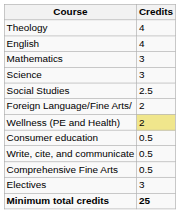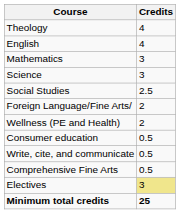 <table class="wikitable floatright">
 <tr>
 <th>Course</th>
 <th>Credits</th>
 </tr>
 <tr>
 <td>Theology</td>
 <td>4</td>
 </tr>
 <tr>
 <td>English</td>
 <td>4</td>
 </tr>
 <tr>
 <td>Mathematics</td>
 <td>3</td>
 </tr>
 <tr>
 <td>Science</td>
 <td>3</td>
 </tr>
 <tr>
 <td>Social Studies</td>
 <td>2.5</td>
 </tr>
 <tr>
 <td>Foreign Language/Fine Arts/</td>
 <td>2</td>
 </tr>
 <tr>
 <td>Wellness (PE and Health)</td>
-<td style="background: khaki;">2</td>
+<td>2</td>
 </tr>
 <tr>
 <td>Consumer education</td>
 <td>0.5</td>
 </tr>
 <tr>
 <td>Write, cite, and communicate</td>
 <td>0.5</td>
 </tr>
 <tr>
 <td>Comprehensive Fine Arts</td>
 <td>0.5</td>
 </tr>
 <tr>
 <td>Electives</td>
-<td>3</td>
+<td style="background: khaki;">3</td>
 </tr>
 <tr>
 <td><strong>Minimum total credits</strong></td>
 <td><strong>25</strong></td>
 </tr>
 </table>
